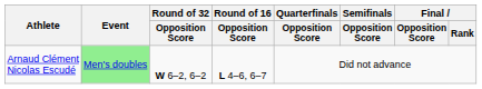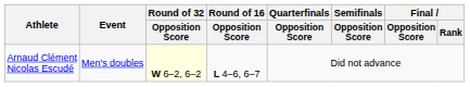 <table class=wikitable style="font-size:90%">
 <tr>
 <th rowspan="2">Athlete</th>
 <th rowspan="2">Event</th>
 <th>Round of 32</th>
 <th>Round of 16</th>
 <th>Quarterfinals</th>
 <th>Semifinals</th>
 <th colspan=2>Final / </th>
 </tr>
 <tr style="font-size:95%">
 <th>Opposition<br>Score</th>
 <th>Opposition<br>Score</th>
 <th>Opposition<br>Score</th>
 <th>Opposition<br>Score</th>
 <th>Opposition<br>Score</th>
 <th>Rank</th>
 </tr>
 <tr>
 <td align=left><a href='#'>Arnaud Clément</a><br> <a href='#'>Nicolas Escudé</a></td>
-<td align=left style="background: lightgreen;"><a href='#'>Men's doubles</a></td>
-<td align=center><br> <br> <strong>W</strong> 6–2, 6–2</td>
+<td align=left><a href='#'>Men's doubles</a></td>
+<td align=center style="background: lightyellow;"><br> <br> <strong>W</strong> 6–2, 6–2</td>
 <td align=center><br> <br> <strong>L</strong> 4–6, 6–7</td>
 <td align=center colspan=4>Did not advance</td>
 </tr>
 </table>
